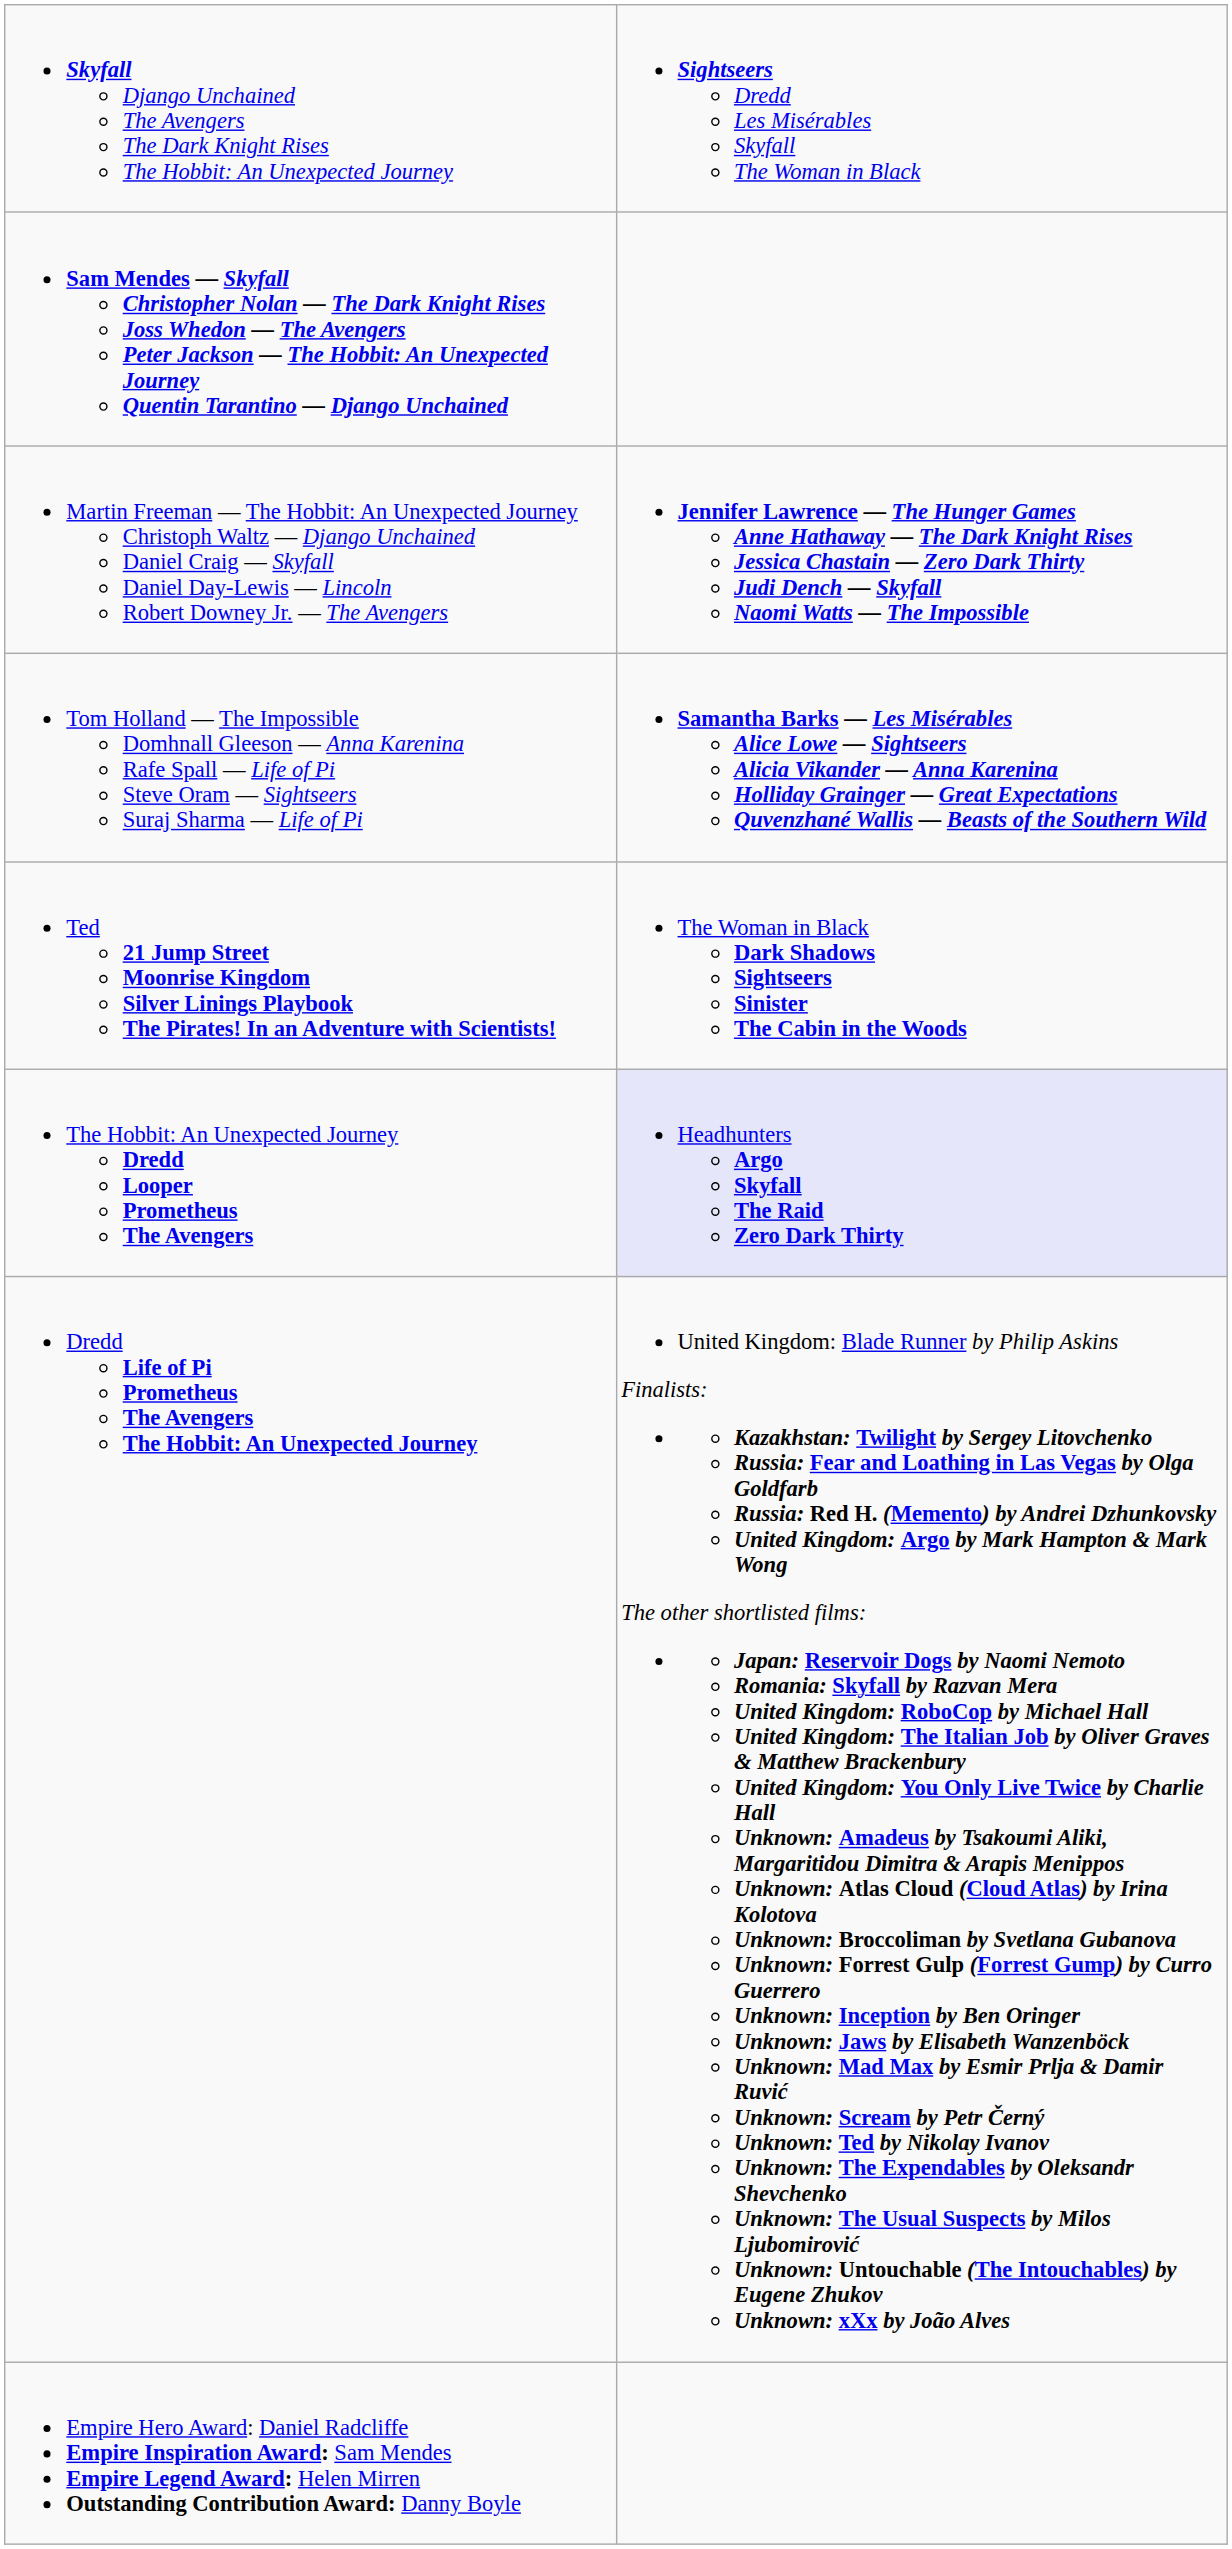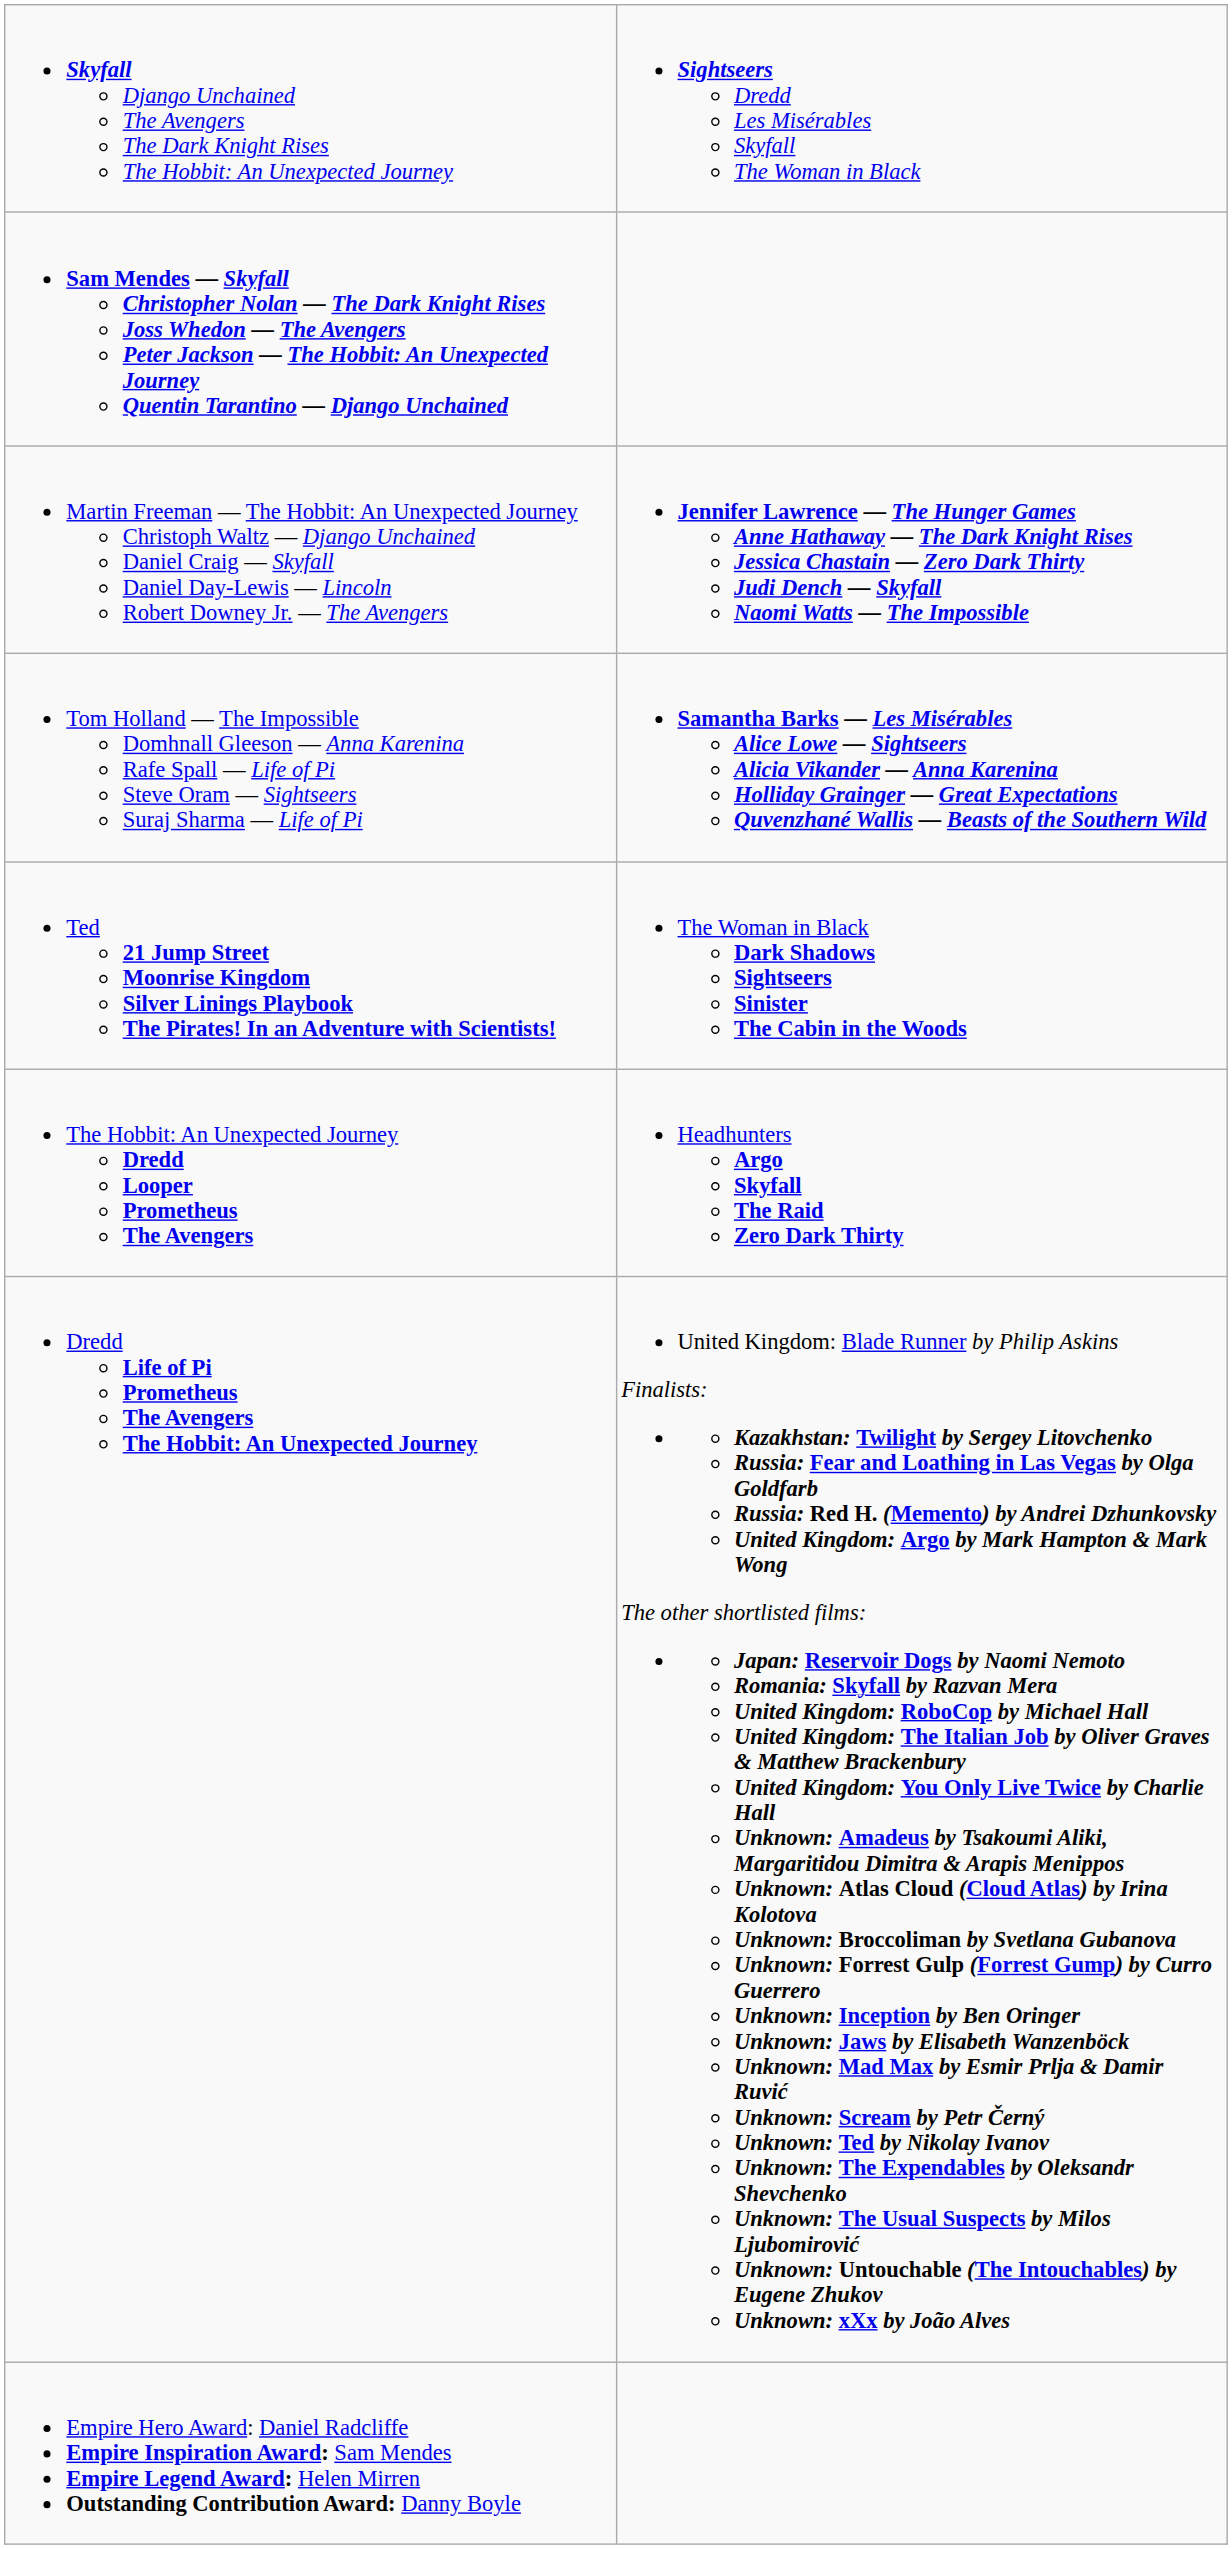 <table class=wikitable>
 <tr>
 <td style="vertical-align:top;" width="50%"><br><ul><li><strong><em><a href='#'>Skyfall</a></em></strong><ul><li><em><a href='#'>Django Unchained</a></em></li><li><em><a href='#'>The Avengers</a></em></li><li><em><a href='#'>The Dark Knight Rises</a></em></li><li><em><a href='#'>The Hobbit: An Unexpected Journey</a></em></li></ul></li></ul></td>
 <td style="vertical-align:top;" width="50%"><br><ul><li><strong><em><a href='#'>Sightseers</a></em></strong><ul><li><em><a href='#'>Dredd</a></em></li><li><em><a href='#'>Les Misérables</a></em></li><li><em><a href='#'>Skyfall</a></em></li><li><em><a href='#'>The Woman in Black</a></em></li></ul></li></ul></td>
 </tr>
 <tr>
 <td style="vertical-align:top;" width="50%"><br><ul><li><strong><a href='#'>Sam Mendes</a> — <em><a href='#'>Skyfall</a><strong><em><ul><li><a href='#'>Christopher Nolan</a> — </em><a href='#'>The Dark Knight Rises</a><em></li><li><a href='#'>Joss Whedon</a> — </em><a href='#'>The Avengers</a><em></li><li><a href='#'>Peter Jackson</a> — </em><a href='#'>The Hobbit: An Unexpected Journey</a><em></li><li><a href='#'>Quentin Tarantino</a> — </em><a href='#'>Django Unchained</a><em></li></ul></li></ul></td>
 <td style="vertical-align:top;" width="50%"></td>
 </tr>
 <tr>
 <td style="vertical-align:top;" width="50%"><br><ul><li></strong><a href='#'>Martin Freeman</a> — </em><a href='#'>The Hobbit: An Unexpected Journey</a></em></strong><ul><li><a href='#'>Christoph Waltz</a> — <em><a href='#'>Django Unchained</a></em></li><li><a href='#'>Daniel Craig</a> — <em><a href='#'>Skyfall</a></em></li><li><a href='#'>Daniel Day-Lewis</a> — <em><a href='#'>Lincoln</a></em></li><li><a href='#'>Robert Downey Jr.</a> — <em><a href='#'>The Avengers</a></em></li></ul></li></ul></td>
 <td style="vertical-align:top;" width="50%"><br><ul><li><strong><a href='#'>Jennifer Lawrence</a> — <em><a href='#'>The Hunger Games</a><strong><em><ul><li><a href='#'>Anne Hathaway</a> — </em><a href='#'>The Dark Knight Rises</a><em></li><li><a href='#'>Jessica Chastain</a> — </em><a href='#'>Zero Dark Thirty</a><em></li><li><a href='#'>Judi Dench</a> — </em><a href='#'>Skyfall</a><em></li><li><a href='#'>Naomi Watts</a> — </em><a href='#'>The Impossible</a><em></li></ul></li></ul></td>
 </tr>
 <tr>
 <td style="vertical-align:top;" width="50%"><br><ul><li></strong><a href='#'>Tom Holland</a> — </em><a href='#'>The Impossible</a></em></strong><ul><li><a href='#'>Domhnall Gleeson</a> — <em><a href='#'>Anna Karenina</a></em></li><li><a href='#'>Rafe Spall</a> — <em><a href='#'>Life of Pi</a></em></li><li><a href='#'>Steve Oram</a> — <em><a href='#'>Sightseers</a></em></li><li><a href='#'>Suraj Sharma</a> — <em><a href='#'>Life of Pi</a></em></li></ul></li></ul></td>
 <td style="vertical-align:top;" width="50%"><br><ul><li><strong><a href='#'>Samantha Barks</a> — <em><a href='#'>Les Misérables</a><strong><em><ul><li><a href='#'>Alice Lowe</a> — </em><a href='#'>Sightseers</a><em></li><li><a href='#'>Alicia Vikander</a> — </em><a href='#'>Anna Karenina</a><em></li><li><a href='#'>Holliday Grainger</a> — </em><a href='#'>Great Expectations</a><em></li><li><a href='#'>Quvenzhané Wallis</a> —  </em><a href='#'>Beasts of the Southern Wild</a><em></li></ul></li></ul></td>
 </tr>
 <tr>
 <td style="vertical-align:top;" width="50%"><br><ul><li></em></strong><a href='#'>Ted</a><strong><em><ul><li></em><a href='#'>21 Jump Street</a><em></li><li></em><a href='#'>Moonrise Kingdom</a><em></li><li></em><a href='#'>Silver Linings Playbook</a><em></li><li></em><a href='#'>The Pirates! In an Adventure with Scientists!</a><em></li></ul></li></ul></td>
 <td style="vertical-align:top;" width="50%"><br><ul><li></em></strong><a href='#'>The Woman in Black</a><strong><em><ul><li></em><a href='#'>Dark Shadows</a><em></li><li></em><a href='#'>Sightseers</a><em></li><li></em><a href='#'>Sinister</a><em></li><li></em><a href='#'>The Cabin in the Woods</a><em></li></ul></li></ul></td>
 </tr>
 <tr>
 <td style="vertical-align:top;" width="50%"><br><ul><li></em></strong><a href='#'>The Hobbit: An Unexpected Journey</a><strong><em><ul><li></em><a href='#'>Dredd</a><em></li><li></em><a href='#'>Looper</a><em></li><li></em><a href='#'>Prometheus</a><em></li><li></em><a href='#'>The Avengers</a><em></li></ul></li></ul></td>
-<td style="background: lavender; vertical-align:top;" width="50%"><br><ul><li></em></strong><a href='#'>Headhunters</a><strong><em><ul><li></em><a href='#'>Argo</a><em></li><li></em><a href='#'>Skyfall</a><em></li><li></em><a href='#'>The Raid</a><em></li><li></em><a href='#'>Zero Dark Thirty</a><em></li></ul></li></ul></td>
+<td style="vertical-align:top;" width="50%"><br><ul><li></em></strong><a href='#'>Headhunters</a><strong><em><ul><li></em><a href='#'>Argo</a><em></li><li></em><a href='#'>Skyfall</a><em></li><li></em><a href='#'>The Raid</a><em></li><li></em><a href='#'>Zero Dark Thirty</a><em></li></ul></li></ul></td>
 </tr>
 <tr>
 <td style="vertical-align:top;" width="50%"><br><ul><li></em></strong><a href='#'>Dredd</a><strong><em><ul><li></em><a href='#'>Life of Pi</a><em></li><li></em><a href='#'>Prometheus</a><em></li><li></em><a href='#'>The Avengers</a><em></li><li></em><a href='#'>The Hobbit: An Unexpected Journey</a><em></li></ul></li></ul></td>
 <td style="vertical-align:top;" width="50%"><br><ul><li></strong>United Kingdom: </em><a href='#'>Blade Runner</a><em> by Philip Askins<strong></li></ul></strong>Finalists:<strong><ul><li><ul><li>Kazakhstan: </em><a href='#'>Twilight</a><em> by Sergey Litovchenko</li><li>Russia: </em><a href='#'>Fear and Loathing in Las Vegas</a><em> by Olga Goldfarb</li><li>Russia: </em>Red H.<em> (</em><a href='#'>Memento</a><em>) by Andrei Dzhunkovsky</li><li>United Kingdom: </em><a href='#'>Argo</a><em> by Mark Hampton & Mark Wong</li></ul></li></ul></strong>The other shortlisted films:<strong><ul><li><ul><li>Japan: </em><a href='#'>Reservoir Dogs</a><em> by Naomi Nemoto </li><li>Romania: </em><a href='#'>Skyfall</a><em> by Razvan Mera </li><li>United Kingdom: </em><a href='#'>RoboCop</a><em> by Michael Hall </li><li>United Kingdom:  </em><a href='#'>The Italian Job</a><em> by Oliver Graves & Matthew Brackenbury </li><li>United Kingdom: </em><a href='#'>You Only Live Twice</a><em> by Charlie Hall </li><li>Unknown: </em><a href='#'>Amadeus</a><em> by Tsakoumi Aliki, Margaritidou Dimitra & Arapis Menippos </li><li>Unknown: </em>Atlas Cloud<em> (</em><a href='#'>Cloud Atlas</a><em>) by Irina Kolotova </li><li>Unknown: </em>Broccoliman<em> by Svetlana Gubanova </li><li>Unknown: </em>Forrest Gulp<em> (</em><a href='#'>Forrest Gump</a><em>) by Curro Guerrero </li><li>Unknown: </em><a href='#'>Inception</a><em> by Ben Oringer </li><li>Unknown: </em><a href='#'>Jaws</a><em> by Elisabeth Wanzenböck </li><li>Unknown: </em><a href='#'>Mad Max</a><em> by Esmir Prlja & Damir Ruvić </li><li>Unknown: </em><a href='#'>Scream</a><em> by Petr Černý </li><li>Unknown: </em><a href='#'>Ted</a><em> by Nikolay Ivanov </li><li>Unknown: </em><a href='#'>The Expendables</a><em> by Oleksandr Shevchenko </li><li>Unknown: </em><a href='#'>The Usual Suspects</a><em> by Milos Ljubomirović </li><li>Unknown: </em>Untouchable<em> (</em><a href='#'>The Intouchables</a><em>) by Eugene Zhukov </li><li>Unknown: </em><a href='#'>xXx</a><em> by João Alves </li></ul></li></ul></td>
 </tr>
 <tr>
 <td style="vertical-align:top;" width="50%"><br><ul><li><a href='#'>Empire Hero Award</a>: </strong><a href='#'>Daniel Radcliffe</a><strong> </li><li><a href='#'>Empire Inspiration Award</a>: </strong><a href='#'>Sam Mendes</a><strong> </li><li><a href='#'>Empire Legend Award</a>: </strong><a href='#'>Helen Mirren</a><strong> </li><li>Outstanding Contribution Award: </strong><a href='#'>Danny Boyle</a><strong> </li></ul></td>
 </tr>
 </table>
